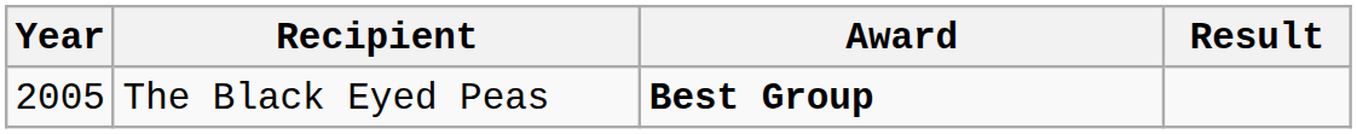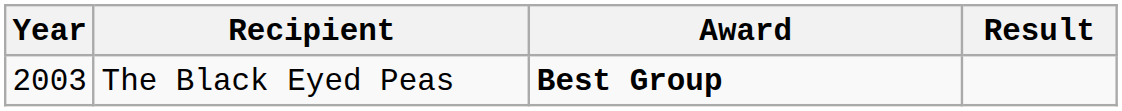 <table style="width: 75%;" class="wikitable">
 <tr>
 <th style="width:6%;">Year</th>
 <th style="width:40%;">Recipient</th>
 <th style="width:40%;">Award</th>
 <th style="width:14%;">Result</th>
 </tr>
 <tr>
-<td>2005</td>
+<td>2003</td>
 <td>The Black Eyed Peas</td>
 <td><strong>Best Group</strong></td>
 <td></td>
 </tr>
 </table>
